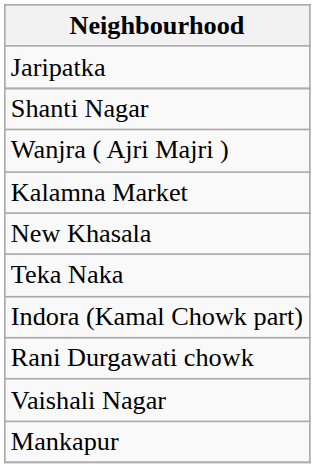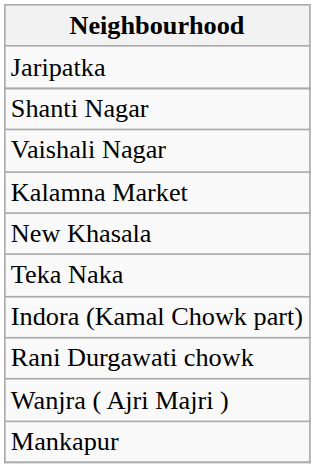 <table class="wikitable sortable static-row-numbers static-row-header-hash">
 <tr>
 <th>Neighbourhood</th>
 </tr>
 <tr>
 <td>Jaripatka</td>
 </tr>
 <tr>
 </tr>
 <tr Aziz Colony Chandrayangutta))>
 </tr>
 <tr>
 <td>Shanti Nagar</td>
 </tr>
 <tr>
-<td>Wanjra ( Ajri Majri )</td>
+<td>Vaishali Nagar</td>
 </tr>
 <tr>
 <td>Kalamna Market</td>
 </tr>
 <tr>
 <td>New Khasala</td>
 </tr>
 <tr>
 <td>Teka Naka</td>
 </tr>
 <tr>
 <td>Indora (Kamal Chowk part)</td>
 </tr>
 <tr>
 <td>Rani Durgawati chowk</td>
 </tr>
 <tr>
-<td>Vaishali Nagar</td>
+<td>Wanjra ( Ajri Majri )</td>
 </tr>
 <tr>
 <td>Mankapur</td>
 </tr>
 <tr>
 </tr>
 </table>
